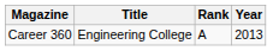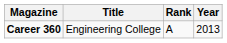 <table class="wikitable">
 <tr>
 <th>Magazine</th>
 <th>Title</th>
 <th>Rank</th>
 <th>Year</th>
 </tr>
 <tr>
-<td>Career 360</td>
+<td><strong>Career 360</strong></td>
 <td>Engineering College</td>
 <td>A</td>
 <td>2013</td>
 </tr>
 </table>
